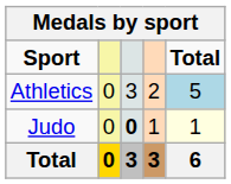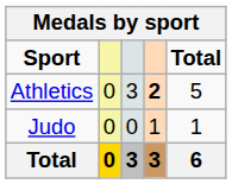 <table class="wikitable" border="1" style="font-size:85%; float:right">
 <tr bgcolor=#efefef>
 <th colspan=7><strong>Medals by sport</strong></th>
 </tr>
 <tr align=center>
 <td><strong>Sport</strong></td>
 <td bgcolor=#f7f6a8></td>
 <td bgcolor=#dce5e5></td>
 <td bgcolor=#ffdab9></td>
 <td><strong>Total</strong></td>
 </tr>
 <tr align=center>
 <td><a href='#'>Athletics</a></td>
 <td bgcolor=#f7f6a8>0</td>
 <td bgcolor=#dce5e5>3</td>
-<td bgcolor=#ffdab9>2</td>
-<td style="background: lightblue;">5</td>
+<td bgcolor=#ffdab9><strong>2</strong></td>
+<td>5</td>
 </tr>
 <tr align=center>
 <td><a href='#'>Judo</a></td>
 <td bgcolor=#f7f6a8>0</td>
-<td bgcolor=#dce5e5><strong>0</strong></td>
+<td bgcolor=#dce5e5>0</td>
 <td bgcolor=#ffdab9>1</td>
-<td style="background: lightyellow;">1</td>
+<td>1</td>
 </tr>
 <tr align=center>
 <th>Total</th>
 <th style="background:gold">0</th>
 <th style="background:silver">3</th>
 <th style="background:#c96">3</th>
 <th>6</th>
 </tr>
 </table>
